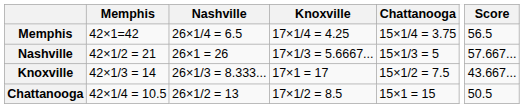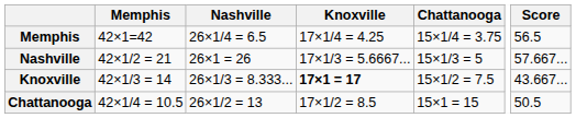 <table class="wikitable" style="border:none">
 <tr>
 <th></th>
 <th>Memphis</th>
 <th>Nashville</th>
 <th>Knoxville</th>
 <th>Chattanooga</th>
 <td rowspan="5" style="border: none; background: white;"></td>
 <th>Score</th>
 </tr>
 <tr>
 <th>Memphis</th>
 <td>42×1=42</td>
 <td>26×1/4 = 6.5</td>
 <td>17×1/4 = 4.25</td>
 <td>15×1/4 = 3.75</td>
 <td>56.5</td>
 </tr>
 <tr>
 <th>Nashville</th>
 <td>42×1/2 = 21</td>
 <td>26×1 = 26</td>
 <td>17×1/3 = 5.6667...</td>
 <td>15×1/3 = 5</td>
 <td>57.667...</td>
 </tr>
 <tr>
 <th>Knoxville</th>
 <td>42×1/3 = 14</td>
 <td>26×1/3 = 8.333...</td>
-<td>17×1 = 17</td>
+<td><strong>17×1 = 17</strong></td>
 <td>15×1/2 = 7.5</td>
 <td>43.667...</td>
 </tr>
 <tr>
 <th>Chattanooga</th>
 <td>42×1/4 = 10.5</td>
 <td>26×1/2 = 13</td>
 <td>17×1/2 = 8.5</td>
 <td>15×1 = 15</td>
 <td>50.5</td>
 </tr>
 </table>
